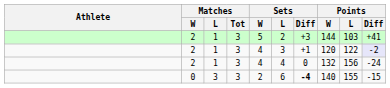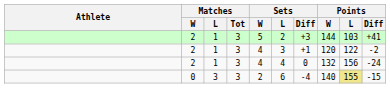 <table class=wikitable style="text-align:center">
 <tr>
 <th rowspan=2 width=280>Athlete</th>
 <th colspan=3 width=90>Matches</th>
 <th colspan=3 width=90>Sets</th>
 <th colspan=3 width=90>Points</th>
 </tr>
 <tr>
 <th width=30>W</th>
 <th width=30>L</th>
 <th width=30>Tot</th>
 <th width=30>W</th>
 <th width=30>L</th>
 <th width=30>Diff</th>
 <th width=30>W</th>
 <th width=30>L</th>
 <th width=30>Diff</th>
 </tr>
 <tr bgcolor=ccffcc>
 <td style="text-align:left"></td>
 <td>2</td>
 <td>1</td>
 <td>3</td>
 <td>5</td>
 <td>2</td>
 <td>+3</td>
 <td>144</td>
 <td>103</td>
 <td>+41</td>
 </tr>
 <tr>
 <td style="text-align:left"></td>
 <td>2</td>
 <td>1</td>
 <td>3</td>
 <td>4</td>
 <td>3</td>
 <td>+1</td>
 <td>120</td>
 <td>122</td>
-<td style="background: lavender;">-2</td>
+<td>-2</td>
 </tr>
 <tr>
 <td style="text-align:left"></td>
 <td>2</td>
 <td>1</td>
 <td>3</td>
 <td>4</td>
 <td>4</td>
 <td>0</td>
 <td>132</td>
 <td>156</td>
 <td>-24</td>
 </tr>
 <tr>
 <td style="text-align:left"></td>
 <td>0</td>
 <td>3</td>
 <td>3</td>
 <td>2</td>
 <td>6</td>
-<td><strong>-4</strong></td>
+<td>-4</td>
 <td>140</td>
-<td>155</td>
+<td style="background: khaki;">155</td>
 <td>-15</td>
 </tr>
 </table>
